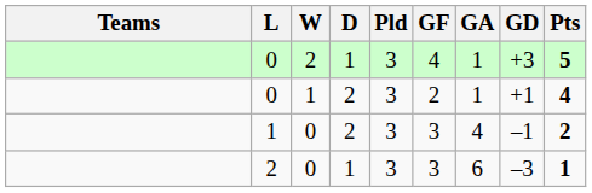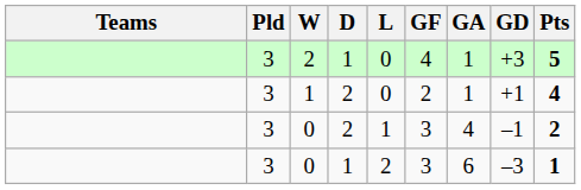 <table class="wikitable" style="text-align: center;">
 <tr>
 <th width=165>Teams</th>
-<th width=20>L</th>
+<th width=20>Pld</th>
 <th width=20>W</th>
 <th width=20>D</th>
-<th width=20>Pld</th>
+<th width=20>L</th>
 <th width=20>GF</th>
 <th width=20>GA</th>
 <th width=20>GD</th>
 <th width=20>Pts</th>
 </tr>
 <tr align=center style="background:#ccffcc;">
 <td style="text-align:left;"></td>
-<td>0</td>
+<td>3</td>
 <td>2</td>
 <td>1</td>
-<td>3</td>
+<td>0</td>
 <td>4</td>
 <td>1</td>
 <td>+3</td>
 <td><strong>5</strong></td>
 </tr>
 <tr align=center>
 <td style="text-align:left;"></td>
-<td>0</td>
+<td>3</td>
 <td>1</td>
 <td>2</td>
-<td>3</td>
+<td>0</td>
 <td>2</td>
 <td>1</td>
 <td>+1</td>
 <td><strong>4</strong></td>
 </tr>
 <tr align=center>
 <td style="text-align:left;"></td>
-<td>1</td>
+<td>3</td>
 <td>0</td>
 <td>2</td>
-<td>3</td>
+<td>1</td>
 <td>3</td>
 <td>4</td>
 <td>–1</td>
 <td><strong>2</strong></td>
 </tr>
 <tr align=center>
 <td style="text-align:left;"></td>
-<td>2</td>
+<td>3</td>
 <td>0</td>
 <td>1</td>
-<td>3</td>
+<td>2</td>
 <td>3</td>
 <td>6</td>
 <td>–3</td>
 <td><strong>1</strong></td>
 </tr>
 </table>
